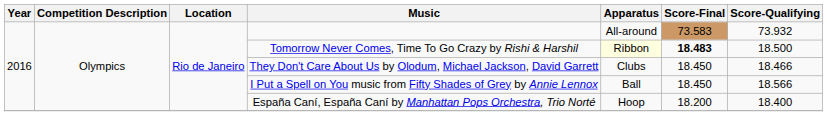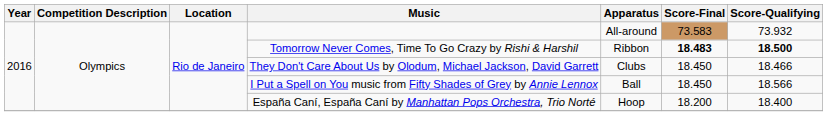 <table class="wikitable" style="text-align:center">
 <tr>
 <th>Year</th>
 <th>Competition Description</th>
 <th>Location</th>
 <th>Music</th>
 <th>Apparatus</th>
 <th>Score-Final</th>
 <th>Score-Qualifying</th>
 </tr>
 <tr>
 <td rowspan="5">2016</td>
 <td rowspan="5">Olympics</td>
 <td rowspan="5"><a href='#'>Rio de Janeiro</a></td>
 <td></td>
 <td>All-around</td>
 <td bgcolor="cc9966">73.583</td>
 <td>73.932</td>
 </tr>
 <tr>
 <td><a href='#'>Tomorrow Never Comes</a>, Time To Go Crazy  by <em>Rishi & Harshil</em></td>
-<td style="background: lightyellow;">Ribbon</td>
+<td>Ribbon</td>
 <td><strong>18.483</strong></td>
-<td>18.500</td>
+<td><strong>18.500</strong></td>
 </tr>
 <tr>
 <td><a href='#'>They Don't Care About Us</a> by <a href='#'>Olodum</a>, <a href='#'>Michael Jackson</a>, <a href='#'>David Garrett</a></td>
 <td>Clubs</td>
 <td>18.450</td>
 <td>18.466</td>
 </tr>
 <tr>
 <td><a href='#'>I Put a Spell on You</a> music from <a href='#'>Fifty Shades of Grey</a> by <em><a href='#'>Annie Lennox</a></em></td>
 <td>Ball</td>
 <td>18.450</td>
 <td>18.566</td>
 </tr>
 <tr>
 <td>España Caní, España Caní by <em><a href='#'>Manhattan Pops Orchestra</a>, Trio Norté</em></td>
 <td>Hoop</td>
 <td>18.200</td>
 <td>18.400</td>
 </tr>
 <tr>
 </tr>
 </table>
